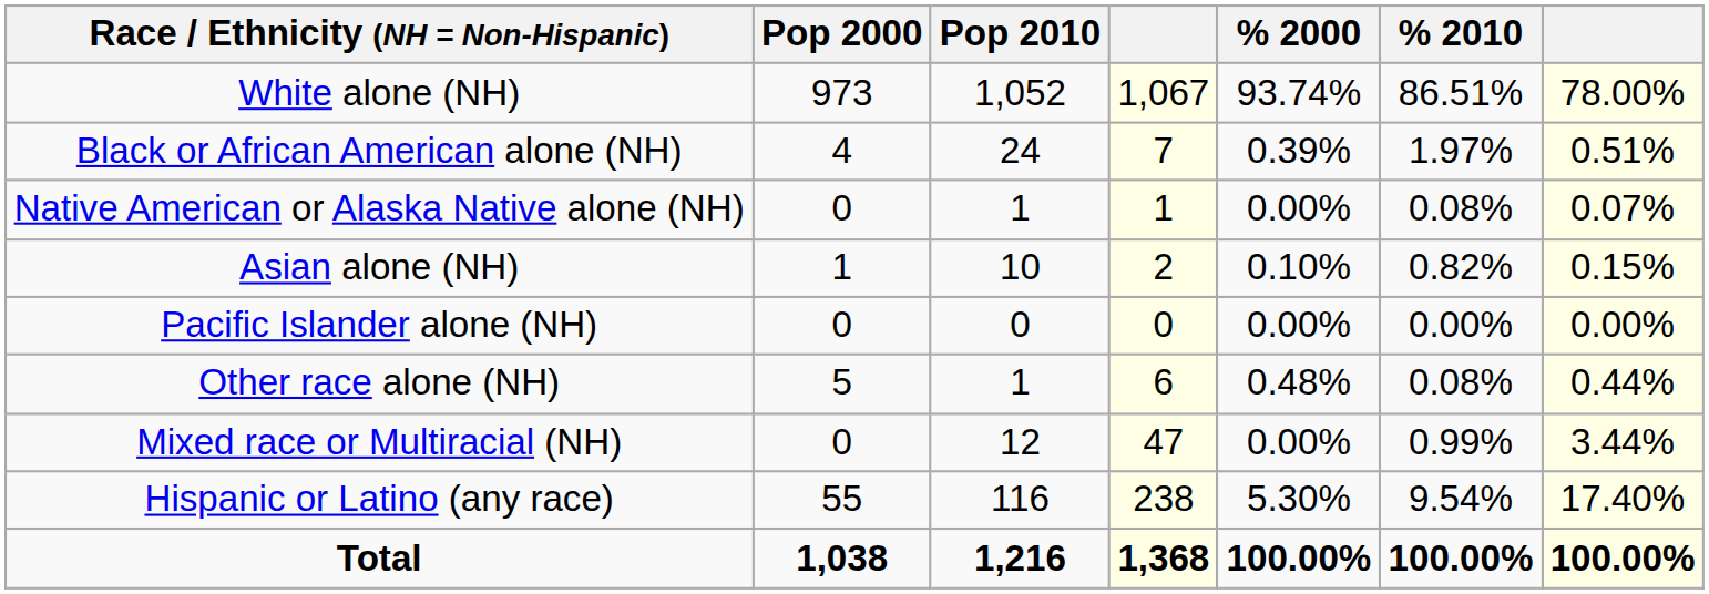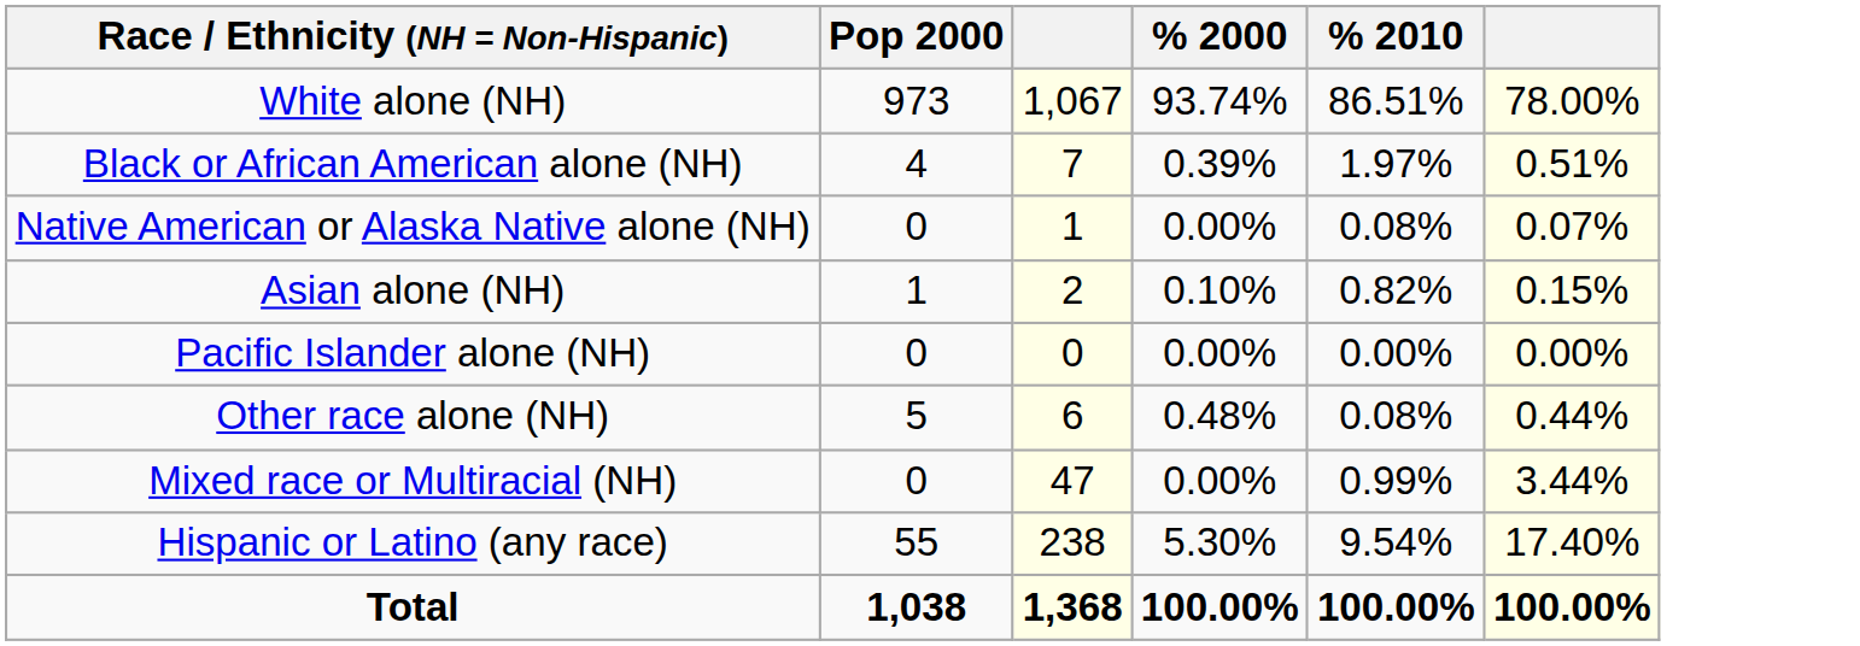 <table class="wikitable" style="text-align:center;">
 <tr>
 <th>Race / Ethnicity <small>(<em>NH = Non-Hispanic</em>)</small></th>
 <th>Pop 2000</th>
-<th>Pop 2010</th>
 <th></th>
 <th>% 2000</th>
 <th>% 2010</th>
 <th></th>
 </tr>
 <tr>
 <td><a href='#'>White</a> alone (NH)</td>
 <td>973</td>
-<td>1,052</td>
 <td style='background: #ffffe6;'>1,067</td>
 <td>93.74%</td>
 <td>86.51%</td>
 <td style='background: #ffffe6;'>78.00%</td>
 </tr>
 <tr>
 <td><a href='#'>Black or African American</a> alone (NH)</td>
 <td>4</td>
-<td>24</td>
 <td style='background: #ffffe6;'>7</td>
 <td>0.39%</td>
 <td>1.97%</td>
 <td style='background: #ffffe6;'>0.51%</td>
 </tr>
 <tr>
 <td><a href='#'>Native American</a> or <a href='#'>Alaska Native</a> alone (NH)</td>
 <td>0</td>
-<td>1</td>
 <td style='background: #ffffe6;'>1</td>
 <td>0.00%</td>
 <td>0.08%</td>
 <td style='background: #ffffe6;'>0.07%</td>
 </tr>
 <tr>
 <td><a href='#'>Asian</a> alone (NH)</td>
 <td>1</td>
-<td>10</td>
 <td style='background: #ffffe6;'>2</td>
 <td>0.10%</td>
 <td>0.82%</td>
 <td style='background: #ffffe6;'>0.15%</td>
 </tr>
 <tr>
 <td><a href='#'>Pacific Islander</a> alone (NH)</td>
-<td>0</td>
 <td>0</td>
 <td style='background: #ffffe6;'>0</td>
 <td>0.00%</td>
 <td>0.00%</td>
 <td style='background: #ffffe6;'>0.00%</td>
 </tr>
 <tr>
 <td><a href='#'>Other race</a> alone (NH)</td>
 <td>5</td>
-<td>1</td>
 <td style='background: #ffffe6;'>6</td>
 <td>0.48%</td>
 <td>0.08%</td>
 <td style='background: #ffffe6;'>0.44%</td>
 </tr>
 <tr>
 <td><a href='#'>Mixed race or Multiracial</a> (NH)</td>
 <td>0</td>
-<td>12</td>
 <td style='background: #ffffe6;'>47</td>
 <td>0.00%</td>
 <td>0.99%</td>
 <td style='background: #ffffe6;'>3.44%</td>
 </tr>
 <tr>
 <td><a href='#'>Hispanic or Latino</a> (any race)</td>
 <td>55</td>
-<td>116</td>
 <td style='background: #ffffe6;'>238</td>
 <td>5.30%</td>
 <td>9.54%</td>
 <td style='background: #ffffe6;'>17.40%</td>
 </tr>
 <tr>
 <td><strong>Total</strong></td>
 <td><strong>1,038</strong></td>
-<td><strong>1,216</strong></td>
 <td style='background: #ffffe6;'><strong>1,368</strong></td>
 <td><strong>100.00%</strong></td>
 <td><strong>100.00%</strong></td>
 <td style='background: #ffffe6;'><strong>100.00%</strong></td>
 </tr>
 </table>
